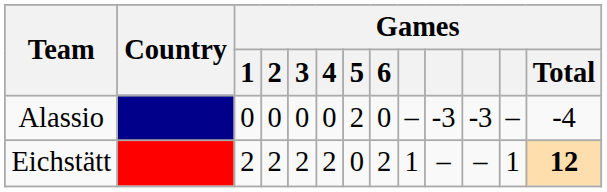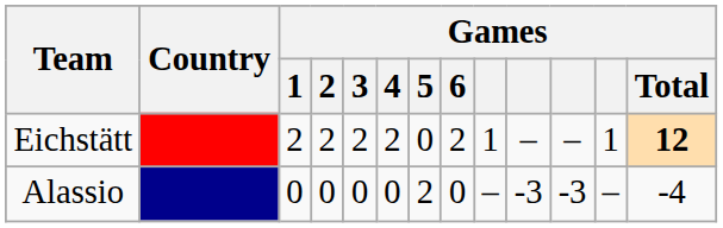 <table class="wikitable plainrowheaders" style="text-align:center;">
 <tr>
 <th rowspan=2>Team</th>
 <th rowspan=2>Country</th>
 <th colspan=11>Games</th>
 </tr>
 <tr>
 <th>1</th>
 <th>2</th>
 <th>3</th>
 <th>4</th>
 <th>5</th>
 <th>6</th>
 <th></th>
 <th></th>
 <th></th>
 <th></th>
 <th>Total</th>
 </tr>
 <tr>
+<td>Eichstätt</td>
+<td style="background:red"></td>
+<td>2</td>
+<td>2</td>
+<td>2</td>
+<td>2</td>
+<td>0</td>
+<td>2</td>
+<td>1</td>
+<td>–</td>
+<td>–</td>
+<td>1</td>
+<td style="font-weight:bold; background:NavajoWhite;">12</td>
+</tr>
+<tr>
 <td>Alassio</td>
 <td style="background:darkblue"></td>
 <td>0</td>
 <td>0</td>
 <td>0</td>
 <td>0</td>
 <td>2</td>
 <td>0</td>
 <td>–</td>
 <td>-3</td>
 <td>-3</td>
 <td>–</td>
 <td>-4</td>
 </tr>
-<tr>
-<td>Eichstätt</td>
-<td style="background:red"></td>
-<td>2</td>
-<td>2</td>
-<td>2</td>
-<td>2</td>
-<td>0</td>
-<td>2</td>
-<td>1</td>
-<td>–</td>
-<td>–</td>
-<td>1</td>
-<td style="font-weight:bold; background:NavajoWhite;">12</td>
-</tr>
 </table>
